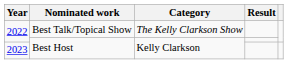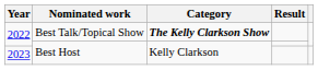 <table class="wikitable plainrowheaders">
 <tr>
 <th>Year</th>
 <th>Nominated work</th>
 <th>Category</th>
 <th>Result</th>
 <th></th>
 </tr>
 <tr>
 <td scope="row" rowspan="2"><a href='#'>2022</a></td>
 <td>Best Talk/Topical Show</td>
-<td><em>The Kelly Clarkson Show</em></td>
+<td><strong><em>The Kelly Clarkson Show</em></strong></td>
 <td></td>
 <td rowspan=2></td>
 </tr>
 <tr>
 <td rowspan="2">Best Host</td>
 <td rowspan="2">Kelly Clarkson</td>
 <td></td>
 </tr>
 <tr>
 <td scope="row"><a href='#'>2023</a></td>
 <td></td>
 <td></td>
 </tr>
 </table>
